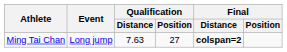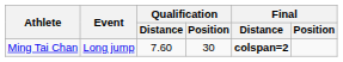 <table class=wikitable style=font-size:90%>
 <tr>
 <th rowspan=2>Athlete</th>
 <th rowspan=2>Event</th>
 <th colspan=2>Qualification</th>
 <th colspan=2>Final</th>
 </tr>
 <tr style=font-size:95%>
 <th>Distance</th>
 <th>Position</th>
 <th>Distance</th>
 <th>Position</th>
 </tr>
 <tr align=center>
 <td align=left><a href='#'>Ming Tai Chan</a></td>
 <td align=left><a href='#'>Long jump</a></td>
-<td>7.63</td>
-<td>27</td>
+<td>7.60</td>
+<td>30</td>
 <td><strong>colspan=2 </strong></td>
 </tr>
 </table>
